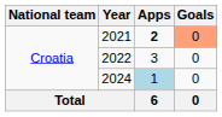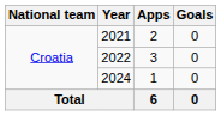 <table class="wikitable" style="text-align:center">
 <tr>
 <th>National team</th>
 <th>Year</th>
 <th>Apps</th>
 <th>Goals</th>
 </tr>
 <tr>
 <td rowspan="3"><a href='#'>Croatia</a></td>
 <td>2021</td>
-<td><strong>2</strong></td>
-<td style="background: lightsalmon;">0</td>
+<td>2</td>
+<td>0</td>
 </tr>
 <tr>
 <td>2022</td>
 <td>3</td>
 <td>0</td>
 </tr>
 <tr>
 <td>2024</td>
-<td style="background: lightblue;">1</td>
+<td>1</td>
 <td>0</td>
 </tr>
 <tr>
 <th colspan="2">Total</th>
 <th>6</th>
 <th>0</th>
 </tr>
 </table>
